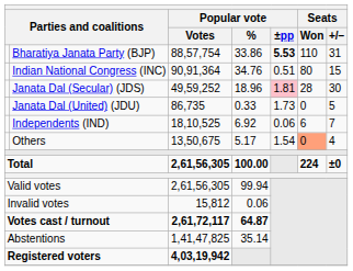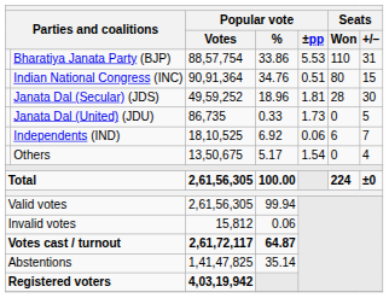 <table class="wikitable">
 <tr>
 <th colspan=10></th>
 </tr>
 <tr>
 <th colspan="2" rowspan="2">Parties and coalitions</th>
 <th colspan="3">Popular vote</th>
 <th colspan="2">Seats</th>
 </tr>
 <tr>
 <th>Votes</th>
 <th>%</th>
 <th>±<a href='#'>pp</a></th>
 <th>Won</th>
 <th><strong>+/−</strong></th>
 </tr>
 <tr>
 <td></td>
 <td><a href='#'>Bharatiya Janata Party</a> (BJP)</td>
 <td>88,57,754</td>
 <td>33.86</td>
-<td><strong>5.53</strong></td>
+<td>5.53</td>
 <td>110</td>
 <td>31</td>
 </tr>
 <tr>
 <td></td>
 <td><a href='#'>Indian National Congress</a> (INC)</td>
 <td>90,91,364</td>
 <td>34.76</td>
 <td>0.51</td>
 <td>80</td>
 <td>15</td>
 </tr>
 <tr>
 <td></td>
 <td><a href='#'>Janata Dal (Secular)</a> (JDS)</td>
 <td>49,59,252</td>
 <td>18.96</td>
-<td style="background: pink;">1.81</td>
+<td>1.81</td>
 <td>28</td>
 <td>30</td>
 </tr>
 <tr>
 <td></td>
 <td><a href='#'>Janata Dal (United)</a> (JDU)</td>
 <td>86,735</td>
 <td>0.33</td>
 <td>1.73</td>
 <td>0</td>
 <td>5</td>
 </tr>
 <tr>
 <td></td>
 <td><a href='#'>Independents</a> (IND)</td>
 <td>18,10,525</td>
 <td>6.92</td>
 <td>0.06</td>
 <td>6</td>
 <td>7</td>
 </tr>
 <tr>
 <td></td>
 <td>Others</td>
 <td>13,50,675</td>
 <td>5.17</td>
 <td>1.54</td>
-<td style="background: lightsalmon;">0</td>
+<td>0</td>
 <td>4</td>
 </tr>
 <tr>
 <td colspan="7" bgcolor="#E9E9E9"></td>
 </tr>
 <tr style="font-weight:bold;">
 <td align="left" colspan="2">Total</td>
 <td>2,61,56,305</td>
 <td>100.00</td>
 <td bgcolor="#E9E9E9"></td>
 <td>224</td>
 <td>±0</td>
 </tr>
 <tr>
 <th colspan="9"></th>
 </tr>
 <tr>
 <td style="text-align:left;" colspan="2">Valid votes</td>
 <td align="right">2,61,56,305</td>
 <td align="right">99.94</td>
 <td colspan="4" rowspan="5" style="background-color:#E9E9E9"></td>
 </tr>
 <tr>
 <td style="text-align:left;" colspan="2">Invalid votes</td>
 <td align="right">15,812</td>
 <td align="right">0.06</td>
 </tr>
 <tr>
 <td style="text-align:left;" colspan="2"><strong>Votes cast / turnout</strong></td>
 <td align="right"><strong>2,61,72,117</strong></td>
 <td align="right"><strong>64.87</strong></td>
 </tr>
 <tr>
 <td style="text-align:left;" colspan="2">Abstentions</td>
 <td align="right">1,41,47,825</td>
 <td align="right">35.14</td>
 </tr>
 <tr>
 <td style="text-align:left;" colspan="2"><strong>Registered voters</strong></td>
 <td align="right"><strong>4,03,19,942</strong></td>
 <td colspan="1" style="background-color:#E9E9E9"></td>
 </tr>
 <tr>
 </tr>
 </table>
